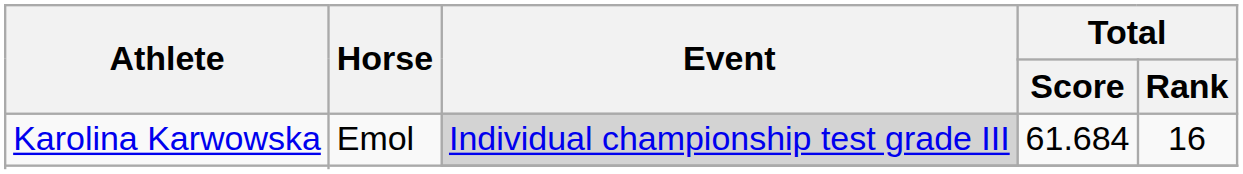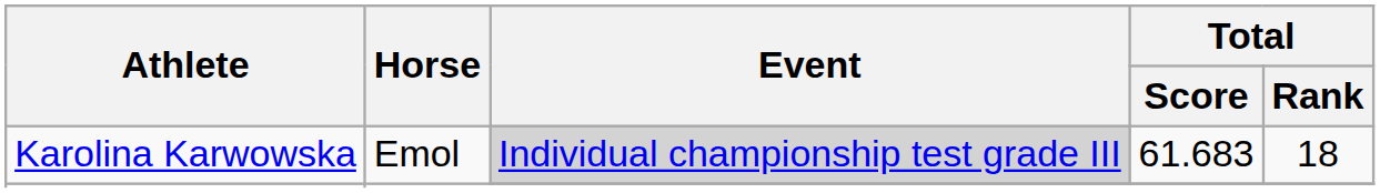 <table class=wikitable style="font-size:90%">
 <tr>
 <th rowspan="2">Athlete</th>
 <th rowspan="2">Horse</th>
 <th rowspan="2">Event</th>
 <th colspan="2">Total</th>
 </tr>
 <tr>
 <th>Score</th>
 <th>Rank</th>
 </tr>
 <tr>
 <td rowspan="2"><a href='#'>Karolina Karwowska</a></td>
 <td rowspan="2">Emol</td>
 <td style="background: lightgrey;"><a href='#'>Individual championship test grade III</a></td>
-<td align="center">61.684</td>
-<td align="center">16</td>
+<td align="center">61.683</td>
+<td align="center">18</td>
 </tr>
 <tr>
 </tr>
 </table>
